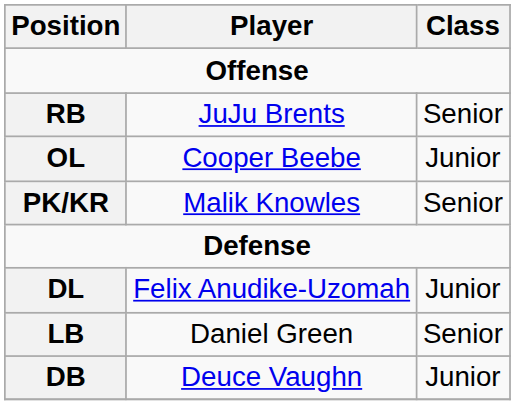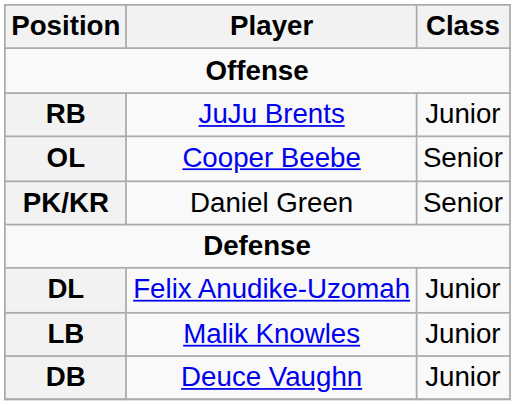 <table class="wikitable">
 <tr>
 <th>Position</th>
 <th>Player</th>
 <th>Class</th>
 </tr>
 <tr>
 <td colspan="4" style="text-align:center; "><strong>Offense</strong></td>
 </tr>
 <tr style="text-align:center;">
 <th rowspan="1">RB</th>
 <td><a href='#'>JuJu Brents</a></td>
-<td>Senior</td>
+<td>Junior</td>
 </tr>
 <tr style="text-align:center;">
 <th rowspan="1">OL</th>
 <td><a href='#'>Cooper Beebe</a></td>
-<td>Junior</td>
+<td>Senior</td>
 </tr>
 <tr style="text-align:center;">
 <th rowspan="1">PK/KR</th>
-<td><a href='#'>Malik Knowles</a></td>
+<td>Daniel Green</td>
 <td>Senior</td>
 </tr>
 <tr>
 <td colspan="4" style="text-align:center; "><strong>Defense</strong></td>
 </tr>
 <tr style="text-align:center;">
 <th rowspan="1">DL</th>
 <td><a href='#'>Felix Anudike-Uzomah</a></td>
 <td>Junior</td>
 </tr>
 <tr style="text-align:center;">
 <th rowspan="1">LB</th>
-<td>Daniel Green</td>
-<td>Senior</td>
+<td><a href='#'>Malik Knowles</a></td>
+<td>Junior</td>
 </tr>
 <tr style="text-align:center;">
 <th rowspan="1">DB</th>
 <td><a href='#'>Deuce Vaughn</a></td>
 <td>Junior</td>
 </tr>
 <tr>
 </tr>
 </table>
